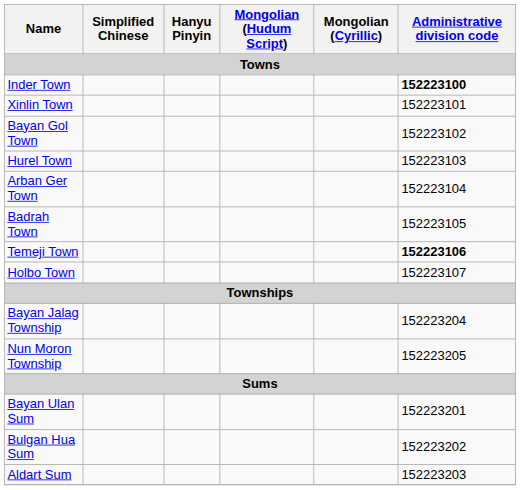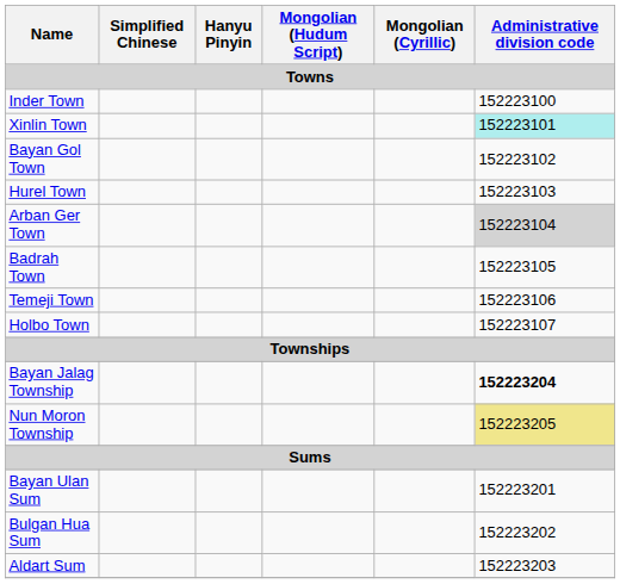 <table class="wikitable" align="center" style="width:50%; border="1">
 <tr>
 <th>Name</th>
 <th>Simplified Chinese</th>
 <th>Hanyu Pinyin</th>
 <th><a href='#'>Mongolian</a> (<a href='#'>Hudum Script</a>)</th>
 <th>Mongolian (<a href='#'>Cyrillic</a>)</th>
 <th><a href='#'>Administrative division code</a></th>
 </tr>
 <tr>
 <td colspan="6"  style="text-align:center; background:#d3d3d3;"><strong>Towns</strong></td>
 </tr>
 <tr --------->
 <td><a href='#'>Inder Town</a></td>
 <td></td>
 <td></td>
 <td></td>
 <td></td>
-<td><strong>152223100</strong></td>
+<td>152223100</td>
 </tr>
 <tr>
 <td><a href='#'>Xinlin Town</a></td>
 <td></td>
 <td></td>
 <td></td>
 <td></td>
-<td>152223101</td>
+<td style="background: paleturquoise;">152223101</td>
 </tr>
 <tr>
 <td><a href='#'>Bayan Gol Town</a></td>
 <td></td>
 <td></td>
 <td></td>
 <td></td>
 <td>152223102</td>
 </tr>
 <tr>
 <td><a href='#'>Hurel Town</a></td>
 <td></td>
 <td></td>
 <td></td>
 <td></td>
 <td>152223103</td>
 </tr>
 <tr>
 <td><a href='#'>Arban Ger Town</a></td>
 <td></td>
 <td></td>
 <td></td>
 <td></td>
-<td>152223104</td>
+<td style="background: lightgrey;">152223104</td>
 </tr>
 <tr>
 <td><a href='#'>Badrah Town</a></td>
 <td></td>
 <td></td>
 <td></td>
 <td></td>
 <td>152223105</td>
 </tr>
 <tr>
 <td><a href='#'>Temeji Town</a></td>
 <td></td>
 <td></td>
 <td></td>
 <td></td>
-<td><strong>152223106</strong></td>
+<td>152223106</td>
 </tr>
 <tr>
 <td><a href='#'>Holbo Town</a></td>
 <td></td>
 <td></td>
 <td></td>
 <td></td>
 <td>152223107</td>
 </tr>
 <tr>
 <td colspan="6"  style="text-align:center; background:#d3d3d3;"><strong>Townships</strong></td>
 </tr>
 <tr --------->
 <td><a href='#'>Bayan Jalag Township</a></td>
 <td></td>
 <td></td>
 <td></td>
 <td></td>
-<td>152223204</td>
+<td><strong>152223204</strong></td>
 </tr>
 <tr>
 <td><a href='#'>Nun Moron Township</a></td>
 <td></td>
 <td></td>
 <td></td>
 <td></td>
-<td>152223205</td>
+<td style="background: khaki;">152223205</td>
 </tr>
 <tr>
 <td colspan="6"  style="text-align:center; background:#d3d3d3;"><strong>Sums</strong></td>
 </tr>
 <tr --------->
 <td><a href='#'>Bayan Ulan Sum</a></td>
 <td></td>
 <td></td>
 <td></td>
 <td></td>
 <td>152223201</td>
 </tr>
 <tr>
 <td><a href='#'>Bulgan Hua Sum</a></td>
 <td></td>
 <td></td>
 <td></td>
 <td></td>
 <td>152223202</td>
 </tr>
 <tr>
 <td><a href='#'>Aldart Sum</a></td>
 <td></td>
 <td></td>
 <td></td>
 <td></td>
 <td>152223203</td>
 </tr>
 <tr>
 </tr>
 </table>
